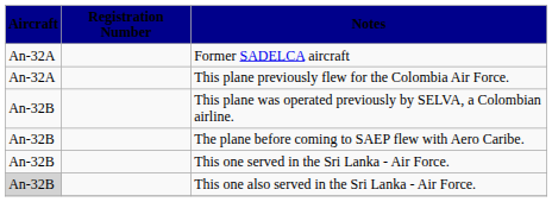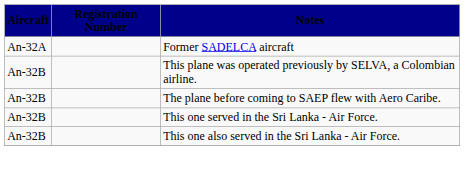 <table class="wikitable" border="1337">
 <tr>
 <th style="background-color:#00008b"><span> Aircraft</span></th>
 <th style="background-color:#00008b"><span> Registration Number</span></th>
 <th style="background-color:#00008b"><span> Notes</span></th>
 </tr>
 <tr>
 <td>Аn-32А</td>
 <td></td>
 <td>Former <a href='#'>SADELCA</a> aircraft</td>
-</tr>
-<tr>
-<td>An-32A</td>
-<td></td>
-<td>This plane previously flew for the Colombia Air Force.</td>
 </tr>
 <tr>
 <td>An-32B</td>
 <td></td>
 <td>This plane was operated previously by SELVA, a Colombian airline.</td>
 </tr>
 <tr>
 <td>An-32B</td>
 <td></td>
 <td>The plane before coming to SAEP flew with Aero Caribe.</td>
 </tr>
 <tr>
 <td>An-32B</td>
 <td></td>
 <td>This one served in the Sri Lanka - Air Force.</td>
 </tr>
 <tr>
-<td style="background: lightgrey;">An-32B</td>
+<td>An-32B</td>
 <td></td>
 <td>This one also served in the Sri Lanka - Air Force.</td>
 </tr>
 <tr>
 </tr>
 </table>
